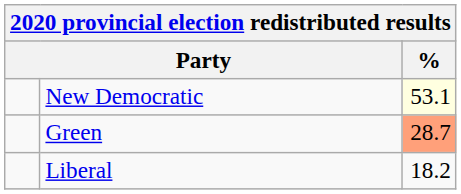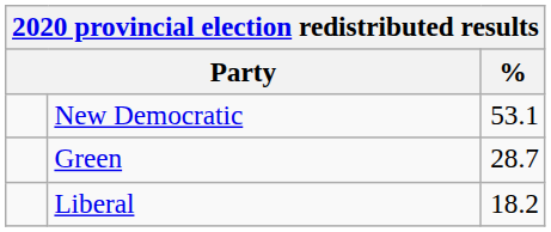 <table class="wikitable">
 <tr>
 <th colspan="4"><a href='#'>2020 provincial election</a> redistributed results</th>
 </tr>
 <tr>
 <th bgcolor="#DDDDFF" width="130px" colspan="2">Party</th>
 <th bgcolor="#DDDDFF" width="30px">%</th>
 </tr>
 <tr>
 <td> </td>
 <td><a href='#'>New Democratic</a></td>
-<td align=right style="background: lightyellow;">53.1</td>
+<td align=right>53.1</td>
 </tr>
 <tr>
 <td> </td>
 <td><a href='#'>Green</a></td>
-<td align=right style="background: lightsalmon;">28.7</td>
+<td align=right>28.7</td>
 </tr>
 <tr>
 <td> </td>
 <td><a href='#'>Liberal</a></td>
 <td align=right>18.2</td>
 </tr>
 </table>
